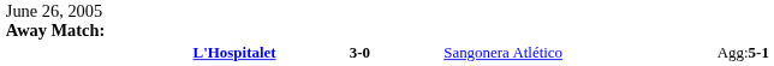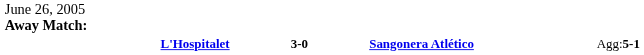 <table width=100% cellspacing=1>
 <tr>
 <th width=20%></th>
 <th width=12%></th>
 <th width=20%></th>
 <th></th>
 </tr>
 <tr>
 <td>June 26, 2005<br><strong>Away Match:</strong></td>
 </tr>
 <tr style=font-size:90%>
 <td align=right><strong><a href='#'>L'Hospitalet</a></strong></td>
 <td align=center><strong>3-0</strong></td>
-<td><a href='#'>Sangonera Atlético</a></td>
+<td><strong><a href='#'>Sangonera Atlético</a></strong></td>
 <td>Agg:<strong>5-1</strong></td>
 </tr>
 </table>
